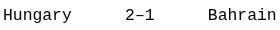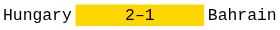 <table style="text-align:center">
 <tr>
 <th width=200></th>
 <th width=100></th>
 <th width=200></th>
 </tr>
 <tr>
 <td align=right>Hungary</td>
-<td>2–1</td>
+<td style="background: gold;">2–1</td>
 <td align=left>Bahrain</td>
 </tr>
 <tr>
 </tr>
 </table>
